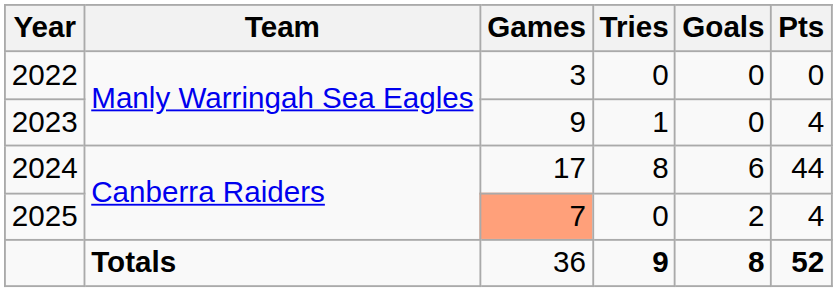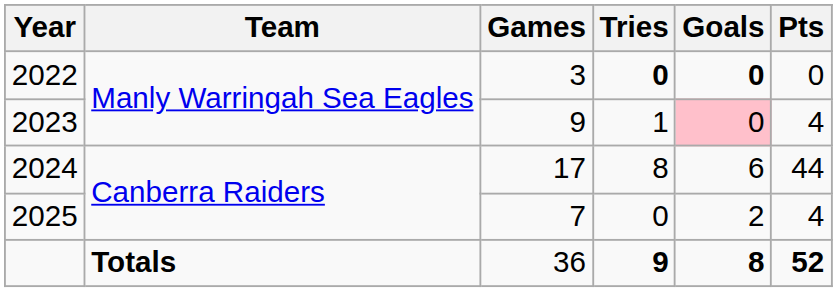 <table class="wikitable">
 <tr>
 <th>Year</th>
 <th>Team</th>
 <th>Games</th>
 <th>Tries</th>
 <th>Goals</th>
 <th>Pts</th>
 </tr>
 <tr>
 <td>2022</td>
 <td rowspan="2"> <a href='#'>Manly Warringah Sea Eagles</a></td>
 <td align=right>3</td>
-<td align=right>0</td>
-<td align=right>0</td>
+<td align=right><strong>0</strong></td>
+<td align=right><strong>0</strong></td>
 <td align=right>0</td>
 </tr>
 <tr>
 <td>2023</td>
 <td align=right>9</td>
 <td align=right>1</td>
-<td align=right>0</td>
+<td align=right style="background: pink;">0</td>
 <td align=right>4</td>
 </tr>
 <tr>
 <td>2024</td>
 <td rowspan=2> <a href='#'>Canberra Raiders</a></td>
 <td align=right>17</td>
 <td align=right>8</td>
 <td align=right>6</td>
 <td align=right>44</td>
 </tr>
 <tr>
 <td>2025</td>
-<td align=right style="background: lightsalmon;">7</td>
+<td align=right>7</td>
 <td align=right>0</td>
 <td align=right>2</td>
 <td align=right>4</td>
 </tr>
 <tr>
 <td></td>
 <td><strong>Totals</strong></td>
 <td align=right>36</td>
 <td align=right><strong>9</strong></td>
 <td align=right><strong>8</strong></td>
 <td align=right><strong>52</strong></td>
 </tr>
 </table>
